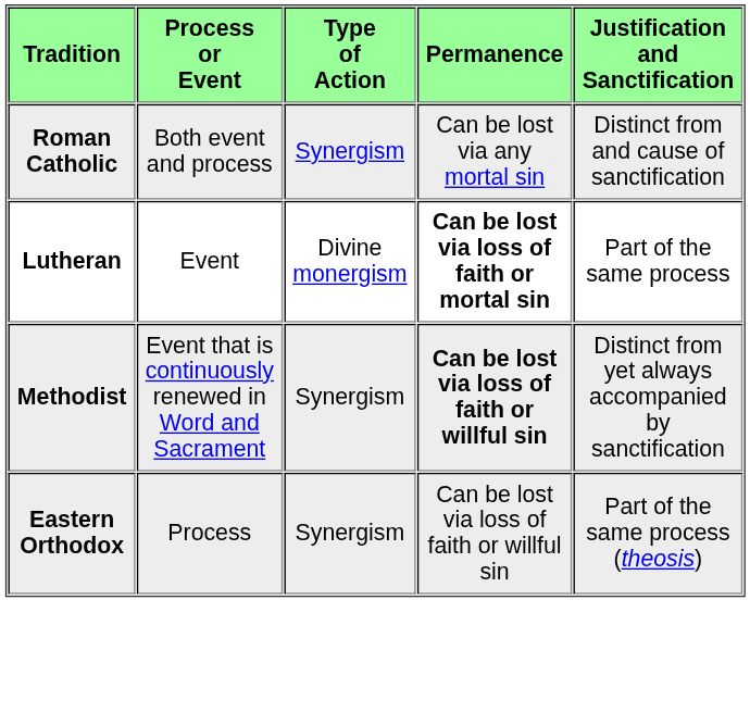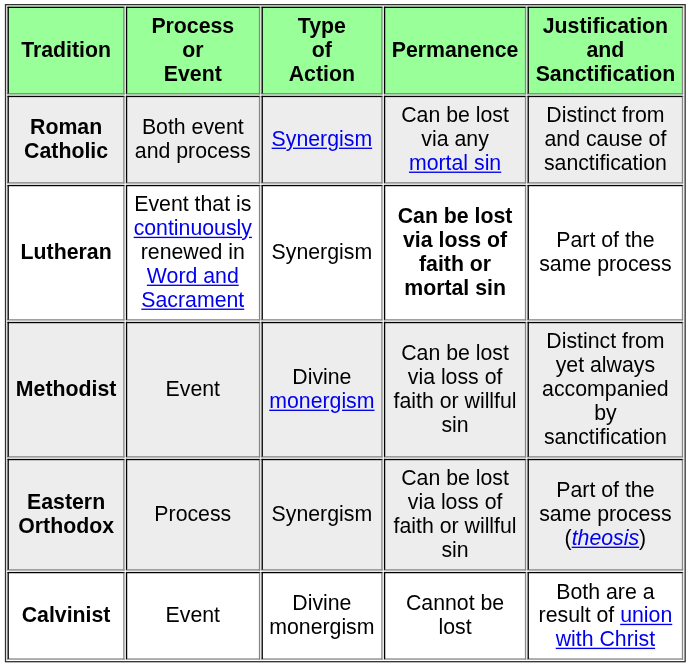 <table border="2" cellpadding="5" cellspacing="1" style="width:220px; margin-bottom:1em; text-align:center; border:1px solid #333; font-family:Arial; margin:0 10px; float:right;">
 <tr style="background:#9f9;">
 <td><strong>Tradition</strong></td>
 <td><strong>Process <br>or<br> Event</strong></td>
 <td><strong>Type <br>of<br> Action</strong></td>
 <td><strong>Permanence</strong></td>
 <td><strong>Justification <br>and<br> Sanctification</strong></td>
 </tr>
 <tr style="background:#ededed;">
 <td><strong>Roman Catholic</strong></td>
 <td>Both event and process</td>
 <td><a href='#'>Synergism</a></td>
 <td>Can be lost via any <a href='#'>mortal sin</a></td>
 <td>Distinct from and cause of sanctification</td>
 </tr>
 <tr>
 <td><strong>Lutheran</strong></td>
-<td>Event</td>
-<td>Divine <a href='#'>monergism</a></td>
+<td>Event that is <a href='#'>continuously</a> renewed in <a href='#'>Word and Sacrament</a></td>
+<td>Synergism</td>
 <td><strong>Can be lost via loss of faith or mortal sin</strong></td>
 <td>Part of the same process</td>
 </tr>
 <tr style="background:#ededed;">
 <td><strong>Methodist</strong></td>
-<td>Event that is <a href='#'>continuously</a> renewed in <a href='#'>Word and Sacrament</a></td>
-<td>Synergism</td>
-<td><strong>Can be lost via loss of faith or willful sin</strong></td>
+<td>Event</td>
+<td>Divine <a href='#'>monergism</a></td>
+<td>Can be lost via loss of faith or willful sin</td>
 <td>Distinct from yet always accompanied by sanctification</td>
 </tr>
 <tr style="background:#ededed;">
 <td><strong>Eastern Orthodox</strong></td>
 <td>Process</td>
 <td>Synergism</td>
 <td>Can be lost via loss of faith or willful sin</td>
 <td>Part of the same process (<em><a href='#'>theosis</a></em>)</td>
 </tr>
+<tr>
+<td><strong>Calvinist</strong></td>
+<td>Event</td>
+<td>Divine monergism</td>
+<td>Cannot be lost</td>
+<td>Both are a result of <a href='#'>union with Christ</a></td>
+</tr>
 </table>
